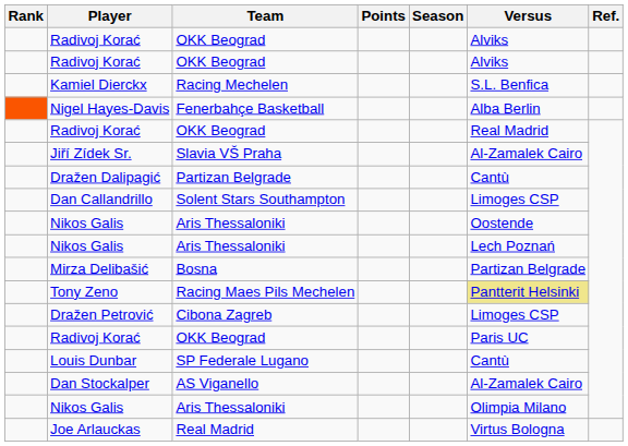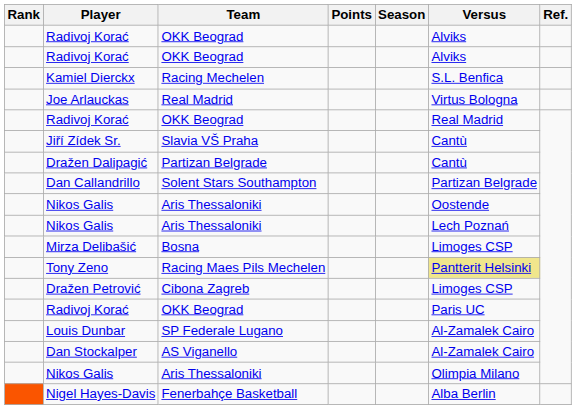 <table class="wikitable sortable">
 <tr>
 <th>Rank</th>
 <th>Player</th>
 <th>Team</th>
 <th>Points</th>
 <th>Season</th>
 <th>Versus</th>
 <th>Ref.</th>
 </tr>
 <tr>
 <td></td>
 <td> <a href='#'>Radivoj Korać</a></td>
 <td> <a href='#'>OKK Beograd</a></td>
 <td></td>
 <td></td>
 <td> <a href='#'>Alviks</a></td>
 <td></td>
 </tr>
 <tr>
 <td></td>
 <td> <a href='#'>Radivoj Korać</a></td>
 <td> <a href='#'>OKK Beograd</a></td>
 <td></td>
 <td></td>
 <td> <a href='#'>Alviks</a></td>
 <td></td>
 </tr>
 <tr>
 <td></td>
 <td> <a href='#'>Kamiel Dierckx</a></td>
 <td> <a href='#'>Racing Mechelen</a></td>
 <td></td>
 <td></td>
 <td> <a href='#'>S.L. Benfica</a></td>
 <td></td>
 </tr>
 <tr>
-<td style="background-color:#FA5500"></td>
-<td> <a href='#'>Nigel Hayes-Davis</a></td>
-<td> <a href='#'>Fenerbahçe Basketball</a></td>
+<td></td>
+<td> <a href='#'>Joe Arlauckas</a></td>
+<td> <a href='#'>Real Madrid</a></td>
 <td></td>
 <td></td>
-<td> <a href='#'>Alba Berlin</a></td>
+<td> <a href='#'>Virtus Bologna</a></td>
 <td></td>
 </tr>
 <tr>
 <td></td>
 <td> <a href='#'>Radivoj Korać</a></td>
 <td> <a href='#'>OKK Beograd</a></td>
 <td></td>
 <td></td>
 <td> <a href='#'>Real Madrid</a></td>
 </tr>
 <tr>
 <td></td>
 <td> <a href='#'>Jiří Zídek Sr.</a></td>
 <td> <a href='#'>Slavia VŠ Praha</a></td>
 <td></td>
 <td></td>
-<td> <a href='#'>Al-Zamalek Cairo</a></td>
+<td> <a href='#'>Cantù</a></td>
 </tr>
 <tr>
 <td></td>
 <td> <a href='#'>Dražen Dalipagić</a></td>
 <td> <a href='#'>Partizan Belgrade</a></td>
 <td></td>
 <td></td>
 <td> <a href='#'>Cantù</a></td>
 </tr>
 <tr>
 <td></td>
 <td> <a href='#'>Dan Callandrillo</a></td>
 <td> <a href='#'>Solent Stars Southampton</a></td>
 <td></td>
 <td></td>
-<td> <a href='#'>Limoges CSP</a></td>
+<td> <a href='#'>Partizan Belgrade</a></td>
 </tr>
 <tr>
 <td></td>
 <td> <a href='#'>Nikos Galis</a></td>
 <td> <a href='#'>Aris Thessaloniki</a></td>
 <td></td>
 <td></td>
 <td> <a href='#'>Oostende</a></td>
 </tr>
 <tr>
 <td></td>
 <td> <a href='#'>Nikos Galis</a></td>
 <td> <a href='#'>Aris Thessaloniki</a></td>
 <td></td>
 <td></td>
 <td> <a href='#'>Lech Poznań</a></td>
 </tr>
 <tr>
 <td></td>
 <td> <a href='#'>Mirza Delibašić</a></td>
 <td> <a href='#'>Bosna</a></td>
 <td></td>
 <td></td>
-<td> <a href='#'>Partizan Belgrade</a></td>
+<td> <a href='#'>Limoges CSP</a></td>
 </tr>
 <tr>
 <td></td>
 <td> <a href='#'>Tony Zeno</a></td>
 <td> <a href='#'>Racing Maes Pils Mechelen</a></td>
 <td></td>
 <td></td>
 <td style="background: khaki;"> <a href='#'>Pantterit Helsinki</a></td>
 </tr>
 <tr>
 <td></td>
 <td> <a href='#'>Dražen Petrović</a></td>
 <td> <a href='#'>Cibona Zagreb</a></td>
 <td></td>
 <td></td>
 <td> <a href='#'>Limoges CSP</a></td>
 </tr>
 <tr>
 <td></td>
 <td> <a href='#'>Radivoj Korać</a></td>
 <td> <a href='#'>OKK Beograd</a></td>
 <td></td>
 <td></td>
 <td> <a href='#'>Paris UC</a></td>
 </tr>
 <tr>
 <td></td>
 <td> <a href='#'>Louis Dunbar</a></td>
 <td> <a href='#'>SP Federale Lugano</a></td>
 <td></td>
 <td></td>
-<td> <a href='#'>Cantù</a></td>
+<td> <a href='#'>Al-Zamalek Cairo</a></td>
 </tr>
 <tr>
 <td></td>
 <td> <a href='#'>Dan Stockalper</a></td>
 <td> <a href='#'>AS Viganello</a></td>
 <td></td>
 <td></td>
 <td> <a href='#'>Al-Zamalek Cairo</a></td>
 </tr>
 <tr>
 <td></td>
 <td> <a href='#'>Nikos Galis</a></td>
 <td> <a href='#'>Aris Thessaloniki</a></td>
 <td></td>
 <td></td>
 <td> <a href='#'>Olimpia Milano</a></td>
 </tr>
 <tr>
-<td></td>
-<td> <a href='#'>Joe Arlauckas</a></td>
-<td> <a href='#'>Real Madrid</a></td>
+<td style="background-color:#FA5500"></td>
+<td> <a href='#'>Nigel Hayes-Davis</a></td>
+<td> <a href='#'>Fenerbahçe Basketball</a></td>
 <td></td>
 <td></td>
-<td> <a href='#'>Virtus Bologna</a></td>
+<td> <a href='#'>Alba Berlin</a></td>
 <td></td>
 </tr>
 </table>
